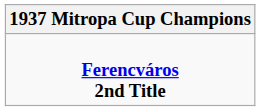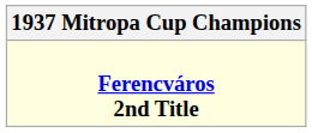 <table class=wikitable style="text-align:center; margin:auto">
 <tr>
 <th>1937 Mitropa Cup Champions</th>
 </tr>
 <tr>
-<td> <br> <strong><a href='#'>Ferencváros</a></strong> <br> <strong>2nd Title</strong></td>
+<td style="background: lightyellow;"> <br> <strong><a href='#'>Ferencváros</a></strong> <br> <strong>2nd Title</strong></td>
 </tr>
 </table>
